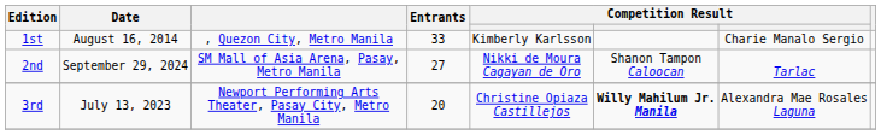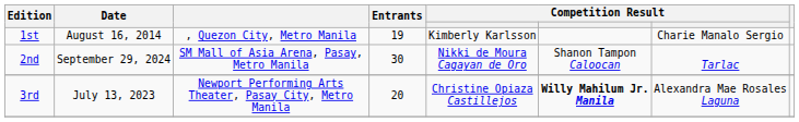 <table class="wikitable" style="text-alignt:center; font-size: 85%";>
 <tr>
 <th rowspan=2 width="30">Edition</th>
 <th rowspan=2>Date</th>
 <th rowspan=2 width="200"></th>
 <th rowspan=2 width="55">Entrants</th>
 <th colspan=3>Competition Result</th>
 <th rowspan=2></th>
 </tr>
 <tr>
 <th></th>
 <th></th>
 <th></th>
 </tr>
 <tr style="text-align: center;">
 <td><a href='#'>1st</a></td>
 <td>August 16, 2014</td>
 <td>, <a href='#'>Quezon City</a>, <a href='#'>Metro Manila</a></td>
-<td>33</td>
+<td>19</td>
 <td>Kimberly Karlsson<br><em></em></td>
 <td><br><em></em></td>
 <td>Charie Manalo Sergio<br><em></em></td>
 <td></td>
 </tr>
 <tr style="text-align: center;">
 <td><a href='#'>2nd</a></td>
 <td>September 29, 2024</td>
 <td><a href='#'>SM Mall of Asia Arena</a>, <a href='#'>Pasay</a>, <a href='#'>Metro Manila</a></td>
-<td>27</td>
+<td>30</td>
 <td><a href='#'>Nikki de Moura</a><br><em><a href='#'>Cagayan de Oro</a></em></td>
 <td>Shanon Tampon<br><em><a href='#'>Caloocan</a></em></td>
 <td><br><em><a href='#'>Tarlac</a></em></td>
 <td></td>
 </tr>
 <tr>
 </tr>
 <tr style="text-align: center;">
 <td><a href='#'>3rd</a></td>
 <td>July 13, 2023</td>
 <td><a href='#'>Newport Performing Arts Theater</a>, <a href='#'>Pasay City</a>, <a href='#'>Metro Manila</a></td>
 <td>20</td>
 <td><a href='#'>Christine Opiaza</a><br><em><a href='#'>Castillejos</a></em></td>
 <td><strong>Willy Mahilum Jr.<br><em><a href='#'>Manila</a></em></strong></td>
 <td>Alexandra Mae Rosales<br><em><a href='#'>Laguna</a></em></td>
 <td></td>
 </tr>
 <tr>
 </tr>
 </table>
